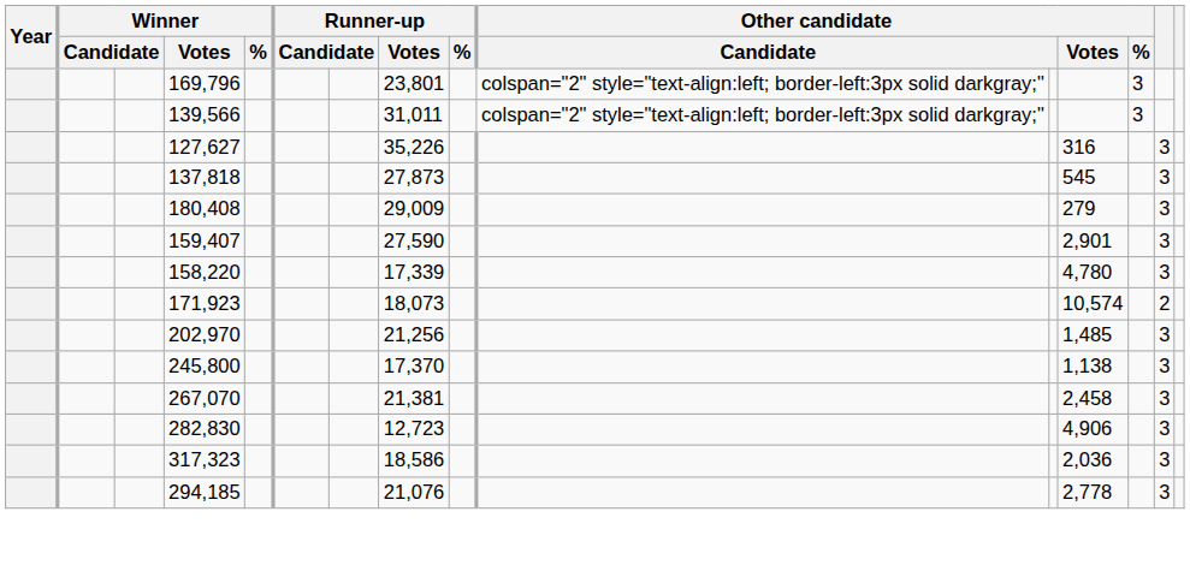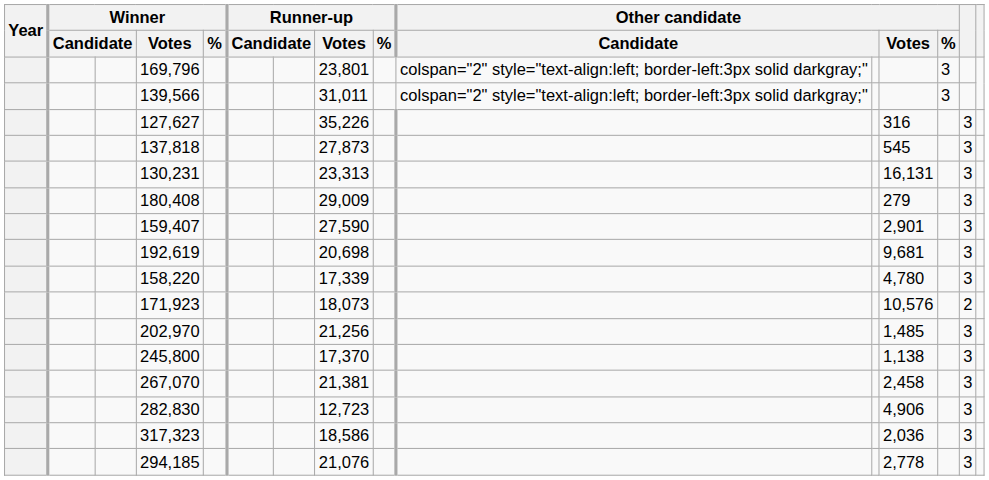 <table class="wikitable sortable">
 <tr>
 <th scope=col rowspan="2">Year</th>
 <th scope="col" style="border-left:3px solid darkgray;" colspan="4">Winner</th>
 <th scope="col" style="border-left:3px solid darkgray;" colspan="4">Runner-up</th>
 <th scope="col" style="border-left:3px solid darkgray;" colspan="4">Other candidate</th>
 <th scope="col" class="unsortable" rowspan="2"></th>
 <th scope="col" class="unsortable" rowspan="2"></th>
 </tr>
 <tr>
 <th scope="col" style="border-left:3px solid darkgray;" colspan="2">Candidate</th>
 <th scope="col" data-sort-type="number">Votes</th>
 <th scope="col"  data-sort-type="number">%</th>
 <th scope="col" style="border-left:3px solid darkgray;" colspan="2">Candidate</th>
 <th scope="col"  data-sort-type="number">Votes</th>
 <th scope="col"  data-sort-type="number">%</th>
 <th scope="col"  scope="col" style="border-left:3px solid darkgray;" colspan="2">Candidate</th>
 <th scope="col"  data-sort-type="number">Votes</th>
 <th scope="col"  data-sort-type="number">%</th>
 </tr>
 <tr>
 <th scope="row"> </th>
 <td style="text-align:left; border-left:3px solid darkgray; background-color:"></td>
 <td><strong></strong>  </td>
 <td>169,796</td>
 <td></td>
 <td style="text-align:left; border-left:3px solid darkgray; background-color:"></td>
 <td> </td>
 <td>23,801</td>
 <td></td>
 <td>colspan="2" style="text-align:left; border-left:3px solid darkgray;" </td>
 <td></td>
 <td></td>
 <td>3</td>
 <td></td>
 </tr>
 <tr>
 <th scope="row"> </th>
 <td style="text-align:left; border-left:3px solid darkgray; background-color:"></td>
 <td><strong></strong> </td>
 <td>139,566</td>
 <td></td>
 <td style="text-align:left; border-left:3px solid darkgray; background-color:"></td>
 <td>  </td>
 <td>31,011</td>
 <td></td>
 <td>colspan="2" style="text-align:left; border-left:3px solid darkgray;" </td>
 <td></td>
 <td></td>
 <td>3</td>
 <td></td>
 </tr>
 <tr>
 <th scope="row"> </th>
 <td style="text-align:left; border-left:3px solid darkgray; background-color:"></td>
 <td><strong></strong> </td>
 <td>127,627</td>
 <td></td>
 <td style="text-align:left; border-left:3px solid darkgray; background-color:"></td>
 <td>  </td>
 <td>35,226</td>
 <td></td>
 <td style="text-align:left; border-left:3px solid darkgray; background-color:"></td>
 <td> </td>
 <td>316</td>
 <td></td>
 <td>3</td>
 <td></td>
 </tr>
 <tr>
 <th scope="row"> </th>
 <td style="text-align:left; border-left:3px solid darkgray; background-color:"></td>
 <td><strong></strong>  </td>
 <td>137,818</td>
 <td></td>
 <td style="text-align:left; border-left:3px solid darkgray; background-color:"></td>
 <td> </td>
 <td>27,873</td>
 <td></td>
 <td style="text-align:left; border-left:3px solid darkgray; background-color:"></td>
 <td> </td>
 <td>545</td>
 <td></td>
 <td>3</td>
 <td></td>
 </tr>
 <tr>
 <th scope="row"> </th>
 <td style="text-align:left; border-left:3px solid darkgray; background-color:"></td>
 <td><strong></strong> </td>
+<td>130,231</td>
+<td></td>
+<td style="text-align:left; border-left:3px solid darkgray; background-color:"></td>
+<td>  </td>
+<td>23,313</td>
+<td></td>
+<td style="text-align:left; border-left:3px solid darkgray; background-color:"></td>
+<td> </td>
+<td>16,131</td>
+<td></td>
+<td>3</td>
+<td></td>
+</tr>
+<tr>
+<th scope="row"> </th>
+<td style="text-align:left; border-left:3px solid darkgray; background-color:"></td>
+<td><strong></strong> </td>
 <td>180,408</td>
 <td></td>
 <td style="text-align:left; border-left:3px solid darkgray; background-color:"></td>
 <td>  </td>
 <td>29,009</td>
 <td></td>
 <td style="text-align:left; border-left:3px solid darkgray; background-color:"></td>
 <td> </td>
 <td>279</td>
 <td></td>
 <td>3</td>
 <td></td>
 </tr>
 <tr>
 <th scope="row"> </th>
 <td style="text-align:left; border-left:3px solid darkgray; background-color:"></td>
 <td><strong></strong> </td>
 <td>159,407</td>
 <td></td>
 <td style="text-align:left; border-left:3px solid darkgray; background-color:"></td>
 <td>  </td>
 <td>27,590</td>
 <td></td>
 <td style="text-align:left; border-left:3px solid darkgray; background-color:"></td>
 <td> </td>
 <td>2,901</td>
 <td></td>
 <td>3</td>
 <td></td>
 </tr>
 <tr>
 <th scope="row"> </th>
 <td style="text-align:left; border-left:3px solid darkgray; background-color:"></td>
 <td><strong></strong>  </td>
+<td>192,619</td>
+<td></td>
+<td style="text-align:left; border-left:3px solid darkgray; background-color:"></td>
+<td> </td>
+<td>20,698</td>
+<td></td>
+<td style="text-align:left; border-left:3px solid darkgray; background-color:"></td>
+<td> </td>
+<td>9,681</td>
+<td></td>
+<td>3</td>
+<td></td>
+</tr>
+<tr>
+<th scope="row"> </th>
+<td style="text-align:left; border-left:3px solid darkgray; background-color:"></td>
+<td><strong></strong>  </td>
 <td>158,220</td>
 <td></td>
 <td style="text-align:left; border-left:3px solid darkgray; background-color:"></td>
 <td> </td>
 <td>17,339</td>
 <td></td>
 <td style="text-align:left; border-left:3px solid darkgray; background-color:"></td>
 <td> </td>
 <td>4,780</td>
 <td></td>
 <td>3</td>
 <td></td>
 </tr>
 <tr>
 <th scope="row"> </th>
 <td style="text-align:left; border-left:3px solid darkgray; background-color:"></td>
 <td><strong></strong> </td>
 <td>171,923</td>
 <td></td>
 <td style="text-align:left; border-left:3px solid darkgray; background-color:"></td>
 <td>  </td>
 <td>18,073</td>
 <td></td>
 <td style="text-align:left; border-left:3px solid darkgray; background-color:"></td>
 <td> </td>
-<td>10,574</td>
+<td>10,576</td>
 <td></td>
 <td>2</td>
 <td></td>
 </tr>
 <tr>
 <th scope="row"> </th>
 <td style="text-align:left; border-left:3px solid darkgray; background-color:"></td>
 <td><strong></strong> </td>
 <td>202,970</td>
 <td></td>
 <td style="text-align:left; border-left:3px solid darkgray; background-color:"></td>
 <td> </td>
 <td>21,256</td>
 <td></td>
 <td style="text-align:left; border-left:3px solid darkgray; background-color:"></td>
 <td> </td>
 <td>1,485</td>
 <td></td>
 <td>3</td>
 <td></td>
 </tr>
 <tr>
 <th scope="row"> </th>
 <td style="text-align:left; border-left:3px solid darkgray; background-color:"></td>
 <td><strong></strong> </td>
 <td>245,800</td>
 <td></td>
 <td style="text-align:left; border-left:3px solid darkgray; background-color:"></td>
 <td> </td>
 <td>17,370</td>
 <td></td>
 <td style="text-align:left; border-left:3px solid darkgray; background-color:"></td>
 <td> </td>
 <td>1,138</td>
 <td></td>
 <td>3</td>
 <td></td>
 </tr>
 <tr>
 <th scope="row"> </th>
 <td style="text-align:left; border-left:3px solid darkgray; background-color:"></td>
 <td><strong></strong> </td>
 <td>267,070</td>
 <td></td>
 <td style="text-align:left; border-left:3px solid darkgray; background-color:"></td>
 <td> </td>
 <td>21,381</td>
 <td></td>
 <td style="text-align:left; border-left:3px solid darkgray; background-color:"></td>
 <td> </td>
 <td>2,458</td>
 <td></td>
 <td>3</td>
 <td></td>
 </tr>
 <tr>
 <th scope="row"> </th>
 <td style="text-align:left; border-left:3px solid darkgray; background-color:"></td>
 <td><strong></strong> </td>
 <td>282,830</td>
 <td></td>
 <td style="text-align:left; border-left:3px solid darkgray; background-color:"></td>
 <td> </td>
 <td>12,723</td>
 <td></td>
 <td style="text-align:left; border-left:3px solid darkgray; background-color:"></td>
 <td> </td>
 <td>4,906</td>
 <td></td>
 <td>3</td>
 <td></td>
 </tr>
 <tr>
 <th scope="row"> </th>
 <td style="text-align:left; border-left:3px solid darkgray; background-color:"></td>
 <td><strong></strong> </td>
 <td>317,323</td>
 <td></td>
 <td style="text-align:left; border-left:3px solid darkgray; background-color:"></td>
 <td> </td>
 <td>18,586</td>
 <td></td>
 <td style="text-align:left; border-left:3px solid darkgray; background-color:"></td>
 <td> </td>
 <td>2,036</td>
 <td></td>
 <td>3</td>
 <td></td>
 </tr>
 <tr>
 <th scope="row"> </th>
 <td style="text-align:left; border-left:3px solid darkgray; background-color:"></td>
 <td><strong></strong> </td>
 <td>294,185</td>
 <td></td>
 <td style="text-align:left; border-left:3px solid darkgray; background-color:"></td>
 <td> </td>
 <td>21,076</td>
 <td></td>
 <td style="text-align:left; border-left:3px solid darkgray; background-color:"></td>
 <td> </td>
 <td>2,778</td>
 <td></td>
 <td>3</td>
 <td></td>
 </tr>
 </table>
